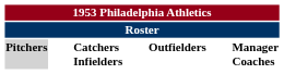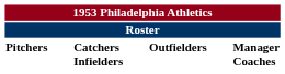 <table class="toccolours" style="font-size: 95%;">
 <tr>
 <th colspan="10" style="background-color: #960018; color: white; text-align: center;">1953 Philadelphia Athletics</th>
 </tr>
 <tr>
 <td colspan="10" style="background-color: #003366; color: white; text-align: center;"><strong>Roster</strong></td>
 </tr>
 <tr>
-<td valign="top" style="background: lightgrey;"><strong>Pitchers</strong><br>               </td>
+<td valign="top"><strong>Pitchers</strong><br>               </td>
 <td width="25px"></td>
 <td valign="top"><strong>Catchers</strong><br>   <strong>Infielders</strong>          </td>
 <td width="25px"></td>
 <td valign="top"><strong>Outfielders</strong><br>      </td>
 <td width="25px"></td>
 <td valign="top"><strong>Manager</strong><br> <strong>Coaches</strong>     </td>
 </tr>
 </table>
